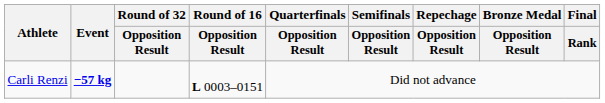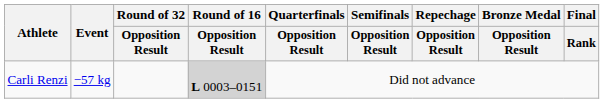 <table class="wikitable" style="font-size:90%">
 <tr>
 <th rowspan=2>Athlete</th>
 <th rowspan=2>Event</th>
 <th>Round of 32</th>
 <th>Round of 16</th>
 <th>Quarterfinals</th>
 <th>Semifinals</th>
 <th>Repechage</th>
 <th>Bronze Medal</th>
 <th colspan=2>Final</th>
 </tr>
 <tr style="font-size:95%">
 <th>Opposition<br>Result</th>
 <th>Opposition<br>Result</th>
 <th>Opposition<br>Result</th>
 <th>Opposition<br>Result</th>
 <th>Opposition<br>Result</th>
 <th>Opposition<br>Result</th>
 <th>Rank</th>
 </tr>
 <tr align=center>
 <td align=left><a href='#'>Carli Renzi</a></td>
-<td align=left><strong><a href='#'>−57 kg</a></strong></td>
+<td align=left><a href='#'>−57 kg</a></td>
 <td></td>
-<td><br><strong>L</strong> 0003–0151</td>
+<td style="background: lightgrey;"><br><strong>L</strong> 0003–0151</td>
 <td colspan=5>Did not advance</td>
 </tr>
 </table>
